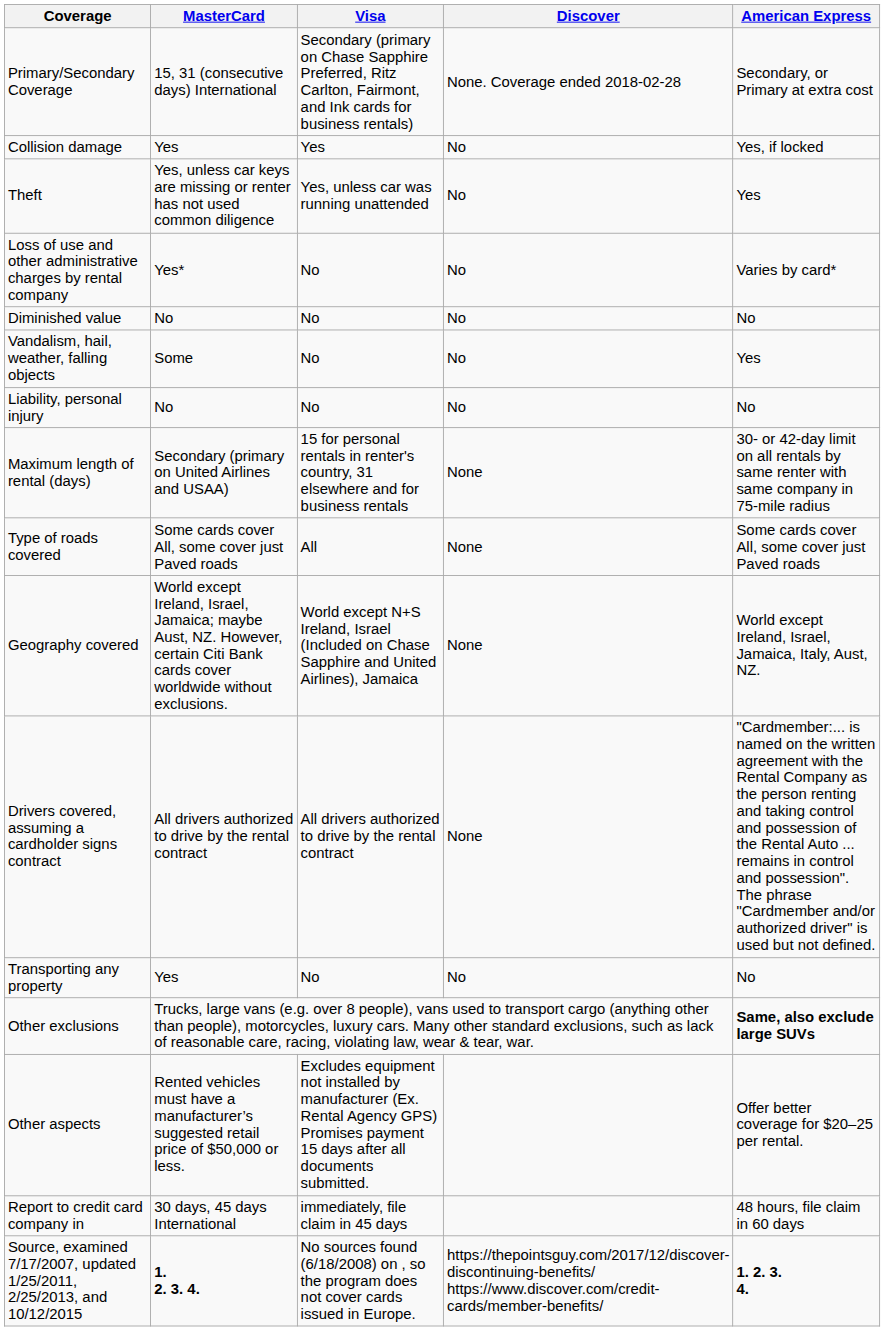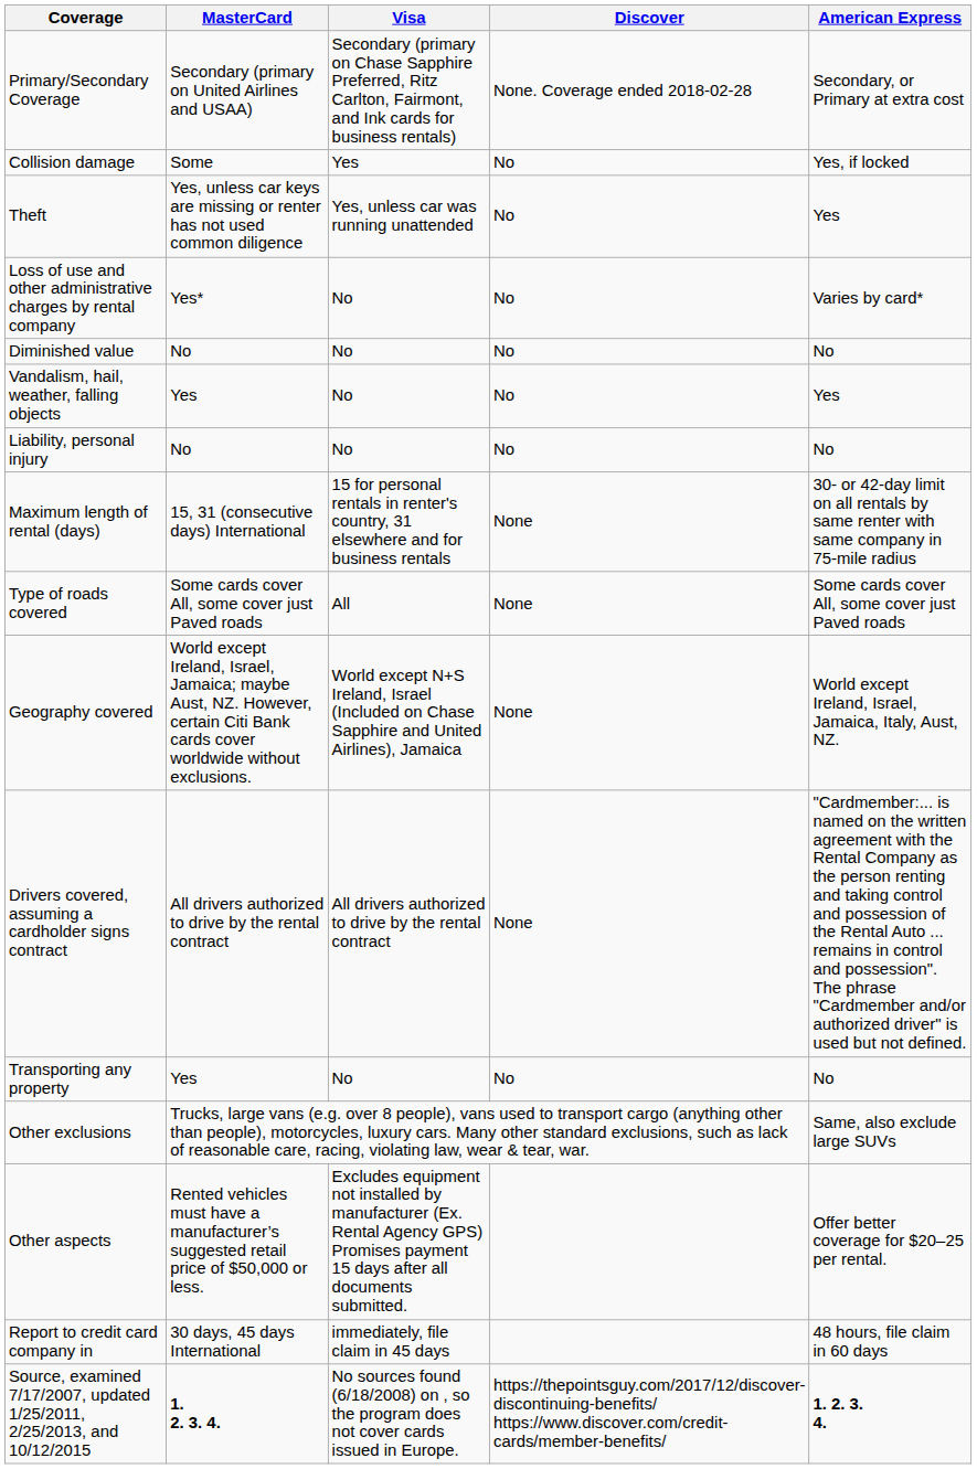 <table class="wikitable">
 <tr>
 <th style="width:150px;">Coverage</th>
 <th style="width:150px;"><a href='#'>MasterCard</a></th>
 <th style="width:150px;"><a href='#'>Visa</a></th>
 <th style="width:50px;"><a href='#'>Discover</a></th>
 <th style="width:150px;"><a href='#'>American Express</a></th>
 </tr>
 <tr>
 <td>Primary/Secondary Coverage</td>
-<td>15, 31 (consecutive days) International</td>
+<td>Secondary (primary on United Airlines and USAA)</td>
 <td>Secondary (primary on Chase Sapphire Preferred, Ritz Carlton, Fairmont, and Ink cards for business rentals)</td>
 <td>None. Coverage ended 2018-02-28</td>
 <td>Secondary, or Primary at extra cost</td>
 </tr>
 <tr>
 <td>Collision damage</td>
-<td>Yes</td>
+<td>Some</td>
 <td>Yes</td>
 <td>No</td>
 <td>Yes, if locked</td>
 </tr>
 <tr>
 <td>Theft</td>
 <td>Yes, unless car keys are missing or renter has not used common diligence</td>
 <td>Yes, unless car was running unattended</td>
 <td>No</td>
 <td>Yes</td>
 </tr>
 <tr>
 <td>Loss of use and other administrative charges by rental company</td>
 <td>Yes*</td>
 <td>No</td>
 <td>No</td>
 <td>Varies by card*</td>
 </tr>
 <tr>
 <td>Diminished value</td>
 <td>No</td>
 <td>No</td>
 <td>No</td>
 <td>No</td>
 </tr>
 <tr>
 <td>Vandalism, hail, weather, falling objects</td>
-<td>Some</td>
+<td>Yes</td>
 <td>No</td>
 <td>No</td>
 <td>Yes</td>
 </tr>
 <tr>
 <td>Liability, personal injury</td>
 <td>No</td>
 <td>No</td>
 <td>No</td>
 <td>No</td>
 </tr>
 <tr>
 <td>Maximum length of rental (days)</td>
-<td>Secondary (primary on United Airlines and USAA)</td>
+<td>15, 31 (consecutive days) International</td>
 <td>15 for personal rentals in renter's country, 31 elsewhere and for business rentals</td>
 <td>None</td>
 <td>30- or 42-day limit on all rentals by same renter with same company in 75-mile radius</td>
 </tr>
 <tr>
 <td>Type of roads covered</td>
 <td>Some cards cover All, some cover just Paved roads</td>
 <td>All</td>
 <td>None</td>
 <td>Some cards cover All, some cover just Paved roads</td>
 </tr>
 <tr>
 <td>Geography covered</td>
 <td>World except Ireland, Israel, Jamaica; maybe Aust, NZ. However, certain Citi Bank cards cover worldwide without exclusions.</td>
 <td>World except N+S Ireland, Israel (Included on Chase Sapphire and United Airlines), Jamaica</td>
 <td>None</td>
 <td>World except Ireland, Israel, Jamaica, Italy, Aust, NZ.</td>
 </tr>
 <tr>
 <td>Drivers covered, assuming a cardholder signs contract</td>
 <td>All drivers authorized to drive by the rental contract</td>
 <td>All drivers authorized to drive by the rental contract</td>
 <td>None</td>
 <td>"Cardmember:... is named on the written agreement with the Rental Company as the person renting and taking control and possession of the Rental Auto ... remains in control and possession". The phrase "Cardmember and/or authorized driver" is used but not defined.</td>
 </tr>
 <tr>
 <td>Transporting any property</td>
 <td>Yes</td>
 <td>No</td>
 <td>No</td>
 <td>No</td>
 </tr>
 <tr>
 <td>Other exclusions</td>
 <td colspan="3">Trucks, large vans (e.g. over 8 people), vans used to transport cargo (anything other than people), motorcycles, luxury cars. Many other standard exclusions, such as lack of reasonable care, racing, violating law, wear & tear, war.</td>
-<td><strong>Same, also exclude large SUVs</strong></td>
+<td>Same, also exclude large SUVs</td>
 </tr>
 <tr>
 <td>Other aspects</td>
 <td>Rented vehicles must have a manufacturer’s suggested retail price of $50,000 or less.</td>
 <td>Excludes equipment not installed by manufacturer (Ex. Rental Agency GPS) Promises payment 15 days after all documents submitted.</td>
 <td></td>
 <td>Offer better coverage for $20–25 per rental.</td>
 </tr>
 <tr>
 <td>Report to credit card company in</td>
 <td>30 days, 45 days International</td>
 <td>immediately, file claim in 45 days</td>
 <td></td>
 <td>48 hours, file claim in 60 days</td>
 </tr>
 <tr>
 <td>Source, examined 7/17/2007, updated 1/25/2011, 2/25/2013, and 10/12/2015</td>
 <td><strong>1.</strong> <br><strong>2.</strong>  <strong>3.</strong>  <strong>4.</strong> </td>
 <td> No sources found (6/18/2008) on , so the program does not cover cards issued in Europe.</td>
 <td>https://thepointsguy.com/2017/12/discover-discontinuing-benefits/<br>https://www.discover.com/credit-cards/member-benefits/</td>
 <td><strong>1.</strong> <strong>2.</strong> <strong>3.</strong><br><strong>4.</strong></td>
 </tr>
 </table>
